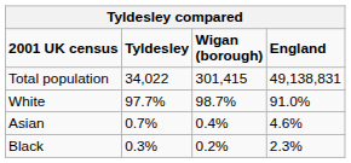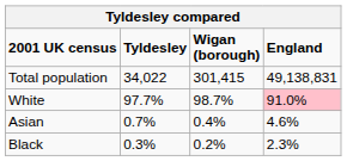 <table class="wikitable" style="float: right; margin-left: 2em; font-size: 90%;" cellspacing="3">
 <tr>
 <th colspan="4">Tyldesley compared</th>
 </tr>
 <tr>
 <td><strong>2001 UK census</strong></td>
 <td><strong>Tyldesley</strong></td>
 <td><strong>Wigan</strong><br><strong>(borough)</strong></td>
 <td><strong>England</strong></td>
 </tr>
 <tr>
 <td>Total population</td>
 <td>34,022</td>
 <td>301,415</td>
 <td>49,138,831</td>
 </tr>
 <tr>
 <td>White</td>
 <td>97.7%</td>
 <td>98.7%</td>
-<td>91.0%</td>
+<td style="background: pink;">91.0%</td>
 </tr>
 <tr>
 <td>Asian</td>
 <td>0.7%</td>
 <td>0.4%</td>
 <td>4.6%</td>
 </tr>
 <tr>
 <td>Black</td>
 <td>0.3%</td>
 <td>0.2%</td>
 <td>2.3%</td>
 </tr>
 </table>
